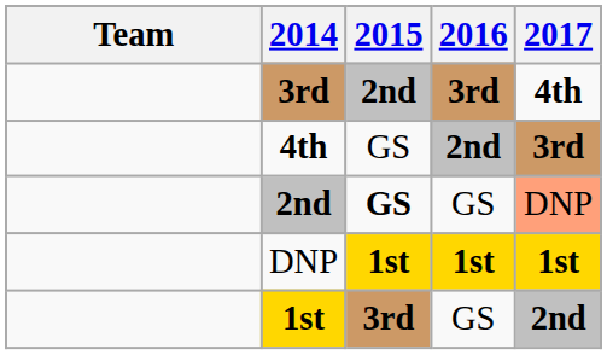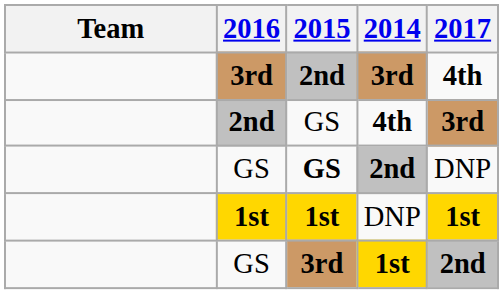 <table class="wikitable" style="text-align:center; font-size:90%;">
 <tr>
 <th width=100>Team</th>
+<th><a href='#'>2016</a></th>
+<th><a href='#'>2015</a></th>
 <th><a href='#'>2014</a></th>
-<th><a href='#'>2015</a></th>
-<th><a href='#'>2016</a></th>
 <th><a href='#'>2017</a></th>
 </tr>
 <tr>
 <td align=left></td>
 <td style="background:#cc9966;"><strong>3rd</strong></td>
 <td style="background:silver;"><strong>2nd</strong></td>
 <td style="background:#cc9966;"><strong>3rd</strong></td>
 <td><strong>4th</strong></td>
 </tr>
 <tr>
 <td align=left></td>
+<td style="background:silver;"><strong>2nd</strong></td>
+<td>GS</td>
 <td><strong>4th</strong></td>
-<td>GS</td>
-<td style="background:silver;"><strong>2nd</strong></td>
 <td style="background:#cc9966;"><strong>3rd</strong></td>
 </tr>
 <tr>
 <td align=left></td>
+<td>GS</td>
+<td><strong>GS</strong></td>
 <td style="background:silver;"><strong>2nd</strong></td>
-<td><strong>GS</strong></td>
-<td>GS</td>
-<td style="background: lightsalmon;">DNP</td>
+<td>DNP</td>
 </tr>
 <tr>
 <td align=left></td>
-<td>DNP</td>
 <td style="background:gold;"><strong>1st</strong></td>
 <td style="background:gold;"><strong>1st</strong></td>
+<td>DNP</td>
 <td style="background:gold;"><strong>1st</strong></td>
 </tr>
 <tr>
 <td align=left></td>
+<td>GS</td>
+<td style="background:#cc9966;"><strong>3rd</strong></td>
 <td style="background:gold;"><strong>1st</strong></td>
-<td style="background:#cc9966;"><strong>3rd</strong></td>
-<td>GS</td>
 <td style="background:silver;"><strong>2nd</strong></td>
 </tr>
 </table>
